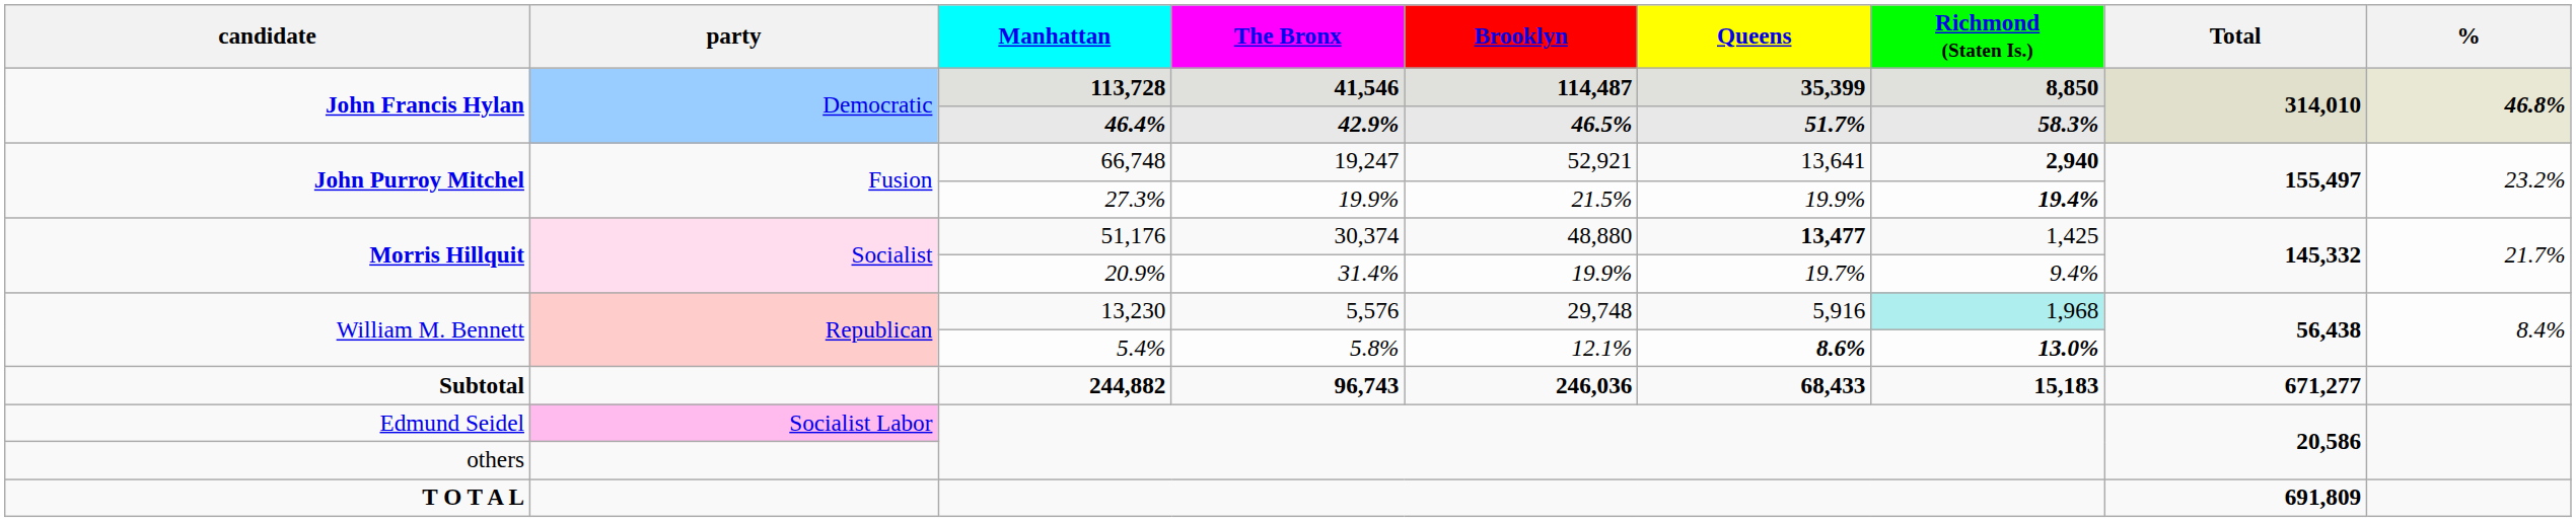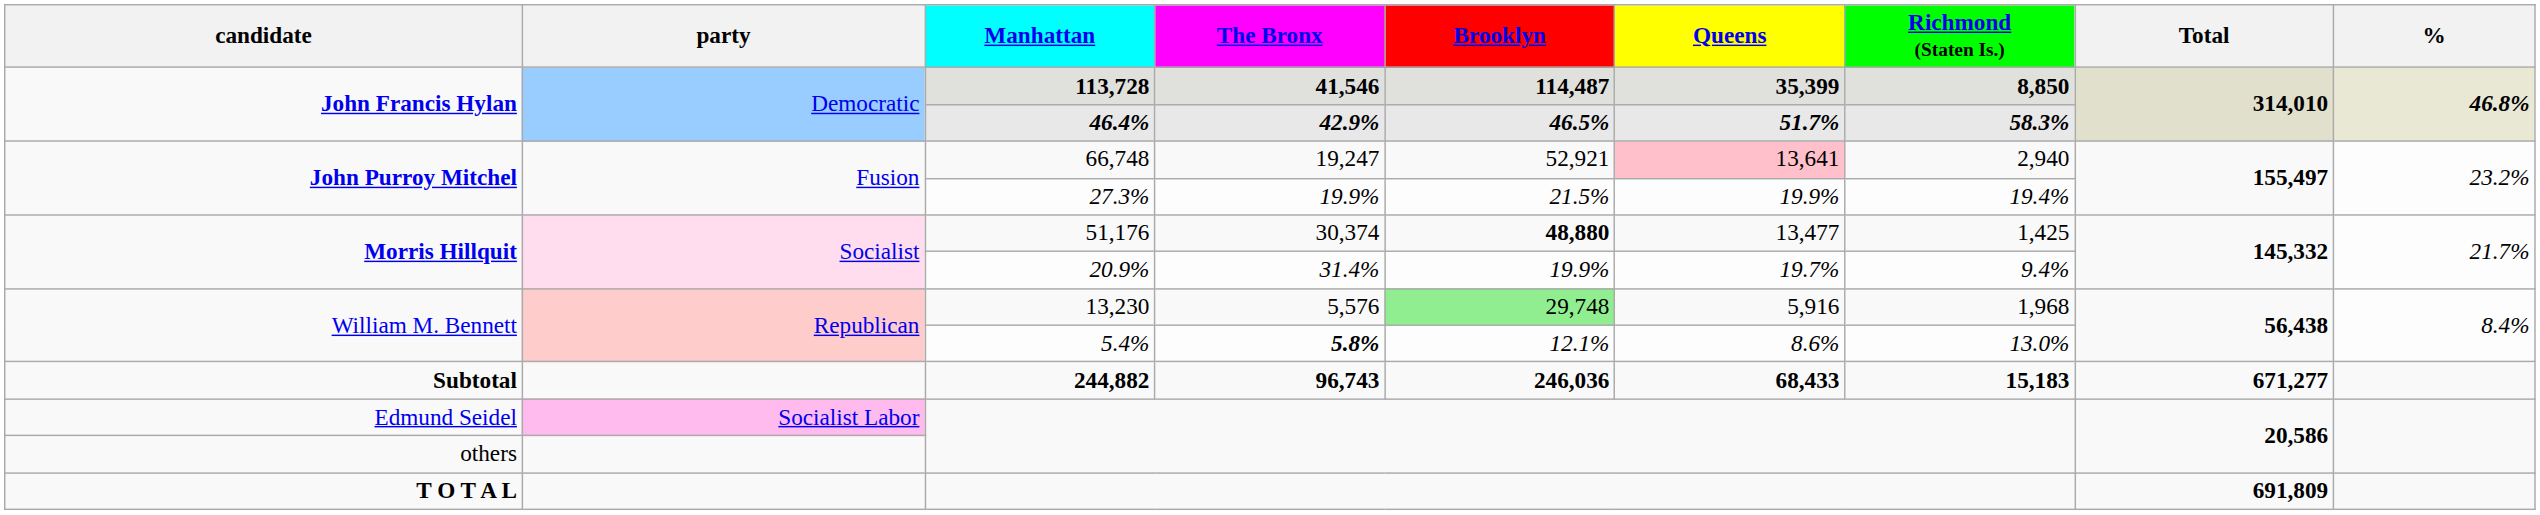 <table class="wikitable" width="88%" style="text-align:right">
 <tr>
 <th width="18%">candidate</th>
 <th width="14%">party</th>
 <th width="8%" style="background:aqua"><a href='#'>Manhattan</a></th>
 <th width="8%" style="background:magenta"><a href='#'>The Bronx</a></th>
 <th width="8%" style="background:red"><a href='#'>Brooklyn</a></th>
 <th width="8%" style="background:yellow"><a href='#'>Queens</a></th>
 <th width="8%" style="background:lime"><a href='#'>Richmond</a><br><small>(Staten Is.)</small></th>
 <th width="9%">Total</th>
 <th width="7%">%</th>
 </tr>
 <tr>
 <td rowspan="2"><strong><a href='#'>John Francis Hylan</a></strong></td>
 <td rowspan="2" style="background:#99CCFF;"><a href='#'>Democratic</a></td>
 <td style="background:#e0e0dd;"><strong>113,728</strong></td>
 <td style="background:#e0e0dd;"><strong>41,546</strong></td>
 <td style="background:#e0e0dd;"><strong>114,487</strong></td>
 <td style="background:#e0e0dd;"><strong>35,399</strong></td>
 <td style="background:#e0e0dd;"><strong>8,850</strong></td>
 <td style="background:#e0e0cc;"  rowspan="2"><strong>314,010</strong></td>
 <td rowspan="2" style="background:#e8e8d5;"><strong><em>46.8%</em></strong></td>
 </tr>
 <tr bgcolor=e8e8e8>
 <td><strong><em>46.4%</em></strong></td>
 <td><strong><em>42.9%</em></strong></td>
 <td><strong><em>46.5%</em></strong></td>
 <td><strong><em>51.7%</em></strong></td>
 <td><strong><em>58.3%</em></strong></td>
 </tr>
 <tr>
 <td rowspan="2"><strong><a href='#'>John Purroy Mitchel</a></strong></td>
 <td rowspan="2"><a href='#'>Fusion</a></td>
 <td>66,748</td>
 <td>19,247</td>
 <td>52,921</td>
-<td>13,641</td>
-<td><strong>2,940</strong></td>
+<td style="background: pink;">13,641</td>
+<td>2,940</td>
 <td rowspan="2"><strong>155,497</strong></td>
 <td rowspan="2" bgcolor=fdfdfd><em>23.2%</em></td>
 </tr>
 <tr bgcolor=fdfdfd>
 <td><em>27.3%</em></td>
 <td><em>19.9%</em></td>
 <td><em>21.5%</em></td>
 <td><em>19.9%</em></td>
-<td><strong><em>19.4%</em></strong></td>
+<td><em>19.4%</em></td>
 </tr>
 <tr>
 <td rowspan="2"><strong><a href='#'>Morris Hillquit</a></strong></td>
 <td rowspan="2" style="background:#ffddee;"><a href='#'>Socialist</a></td>
 <td>51,176</td>
 <td>30,374</td>
-<td>48,880</td>
-<td><strong>13,477</strong></td>
+<td><strong>48,880</strong></td>
+<td>13,477</td>
 <td>1,425</td>
 <td rowspan="2"><strong>145,332</strong></td>
 <td rowspan="2" bgcolor=fdfdfd><em>21.7%</em></td>
 </tr>
 <tr bgcolor=fdfdfd>
 <td><em>20.9%</em></td>
 <td><em>31.4%</em></td>
 <td><em>19.9%</em></td>
 <td><em>19.7%</em></td>
 <td><em>9.4%</em></td>
 </tr>
 <tr>
 <td rowspan="2"><a href='#'>William M. Bennett</a></td>
 <td rowspan="2" style="background:#ffcccc;"><a href='#'>Republican</a></td>
 <td>13,230</td>
 <td>5,576</td>
-<td>29,748</td>
+<td style="background: lightgreen;">29,748</td>
 <td>5,916</td>
-<td style="background: paleturquoise;">1,968</td>
+<td>1,968</td>
 <td rowspan="2"><strong>56,438</strong></td>
 <td rowspan="2" bgcolor=fdfdfd><em>8.4%</em></td>
 </tr>
 <tr bgcolor=fdfdfd>
 <td><em>5.4%</em></td>
-<td><em>5.8%</em></td>
+<td><strong><em>5.8%</em></strong></td>
 <td><em>12.1%</em></td>
-<td><strong><em>8.6%</em></strong></td>
-<td><strong><em>13.0%</em></strong></td>
+<td><em>8.6%</em></td>
+<td><em>13.0%</em></td>
 </tr>
 <tr>
 <td><strong>Subtotal</strong></td>
 <td></td>
 <td><strong>244,882</strong></td>
 <td><strong>96,743</strong></td>
 <td><strong>246,036</strong></td>
 <td><strong>68,433</strong></td>
 <td><strong>15,183</strong></td>
 <td><strong>671,277</strong></td>
 <td></td>
 </tr>
 <tr>
 <td><a href='#'>Edmund Seidel</a></td>
 <td style="background:#ffbbee;"><a href='#'>Socialist Labor</a></td>
 <td rowspan="2" colspan="5"></td>
 <td rowspan="2"><strong>20,586</strong></td>
 <td rowspan="2"></td>
 </tr>
 <tr>
 <td>others</td>
 <td></td>
 </tr>
 <tr>
 <td><strong>T O T A L</strong></td>
 <td></td>
 <td colspan="5"></td>
 <td><strong>691,809</strong></td>
 <td></td>
 </tr>
 </table>
